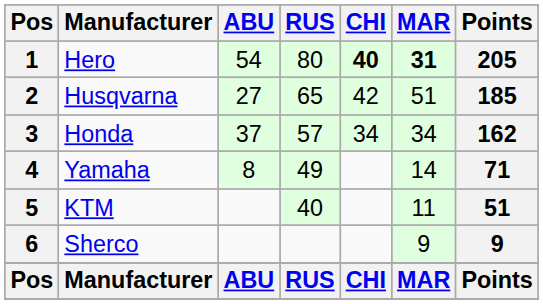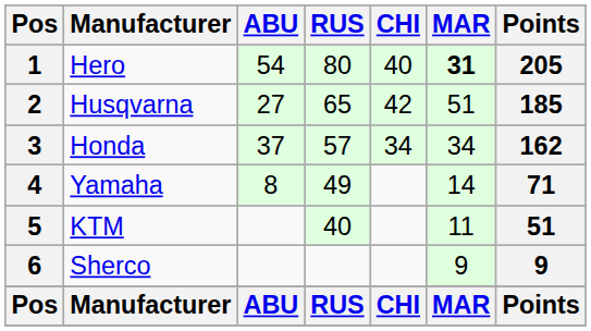 <table class="wikitable" style="font-size: 85%; text-align: center; display: inline-table;">
 <tr valign="top">
 <th valign="middle">Pos</th>
 <th valign="middle">Manufacturer</th>
 <th><a href='#'>ABU</a><br></th>
 <th><a href='#'>RUS</a><br></th>
 <th><a href='#'>CHI</a><br></th>
 <th><a href='#'>MAR</a><br></th>
 <th valign="middle">Points</th>
 </tr>
 <tr>
 <th>1</th>
 <td align=left> <a href='#'>Hero</a></td>
 <td style="background:#dfffdf;">54</td>
 <td style="background:#dfffdf;">80</td>
-<td style="background:#dfffdf;"><strong>40</strong></td>
+<td style="background:#dfffdf;">40</td>
 <td style="background:#dfffdf;"><strong>31</strong></td>
 <th>205</th>
 </tr>
 <tr>
 <th>2</th>
 <td align=left> <a href='#'>Husqvarna</a></td>
 <td style="background:#dfffdf;">27</td>
 <td style="background:#dfffdf;">65</td>
 <td style="background:#dfffdf;">42</td>
 <td style="background:#dfffdf;">51</td>
 <th>185</th>
 </tr>
 <tr>
 <th>3</th>
 <td align=left> <a href='#'>Honda</a></td>
 <td style="background:#dfffdf;">37</td>
 <td style="background:#dfffdf;">57</td>
 <td style="background:#dfffdf;">34</td>
 <td style="background:#dfffdf;">34</td>
 <th>162</th>
 </tr>
 <tr>
 <th>4</th>
 <td align=left> <a href='#'>Yamaha</a></td>
 <td style="background:#dfffdf;">8</td>
 <td style="background:#dfffdf;">49</td>
 <td></td>
 <td style="background:#dfffdf;">14</td>
 <th>71</th>
 </tr>
 <tr>
 <th>5</th>
 <td align=left> <a href='#'>KTM</a></td>
 <td></td>
 <td style="background:#dfffdf;">40</td>
 <td></td>
 <td style="background:#dfffdf;">11</td>
 <th>51</th>
 </tr>
 <tr>
 <th>6</th>
 <td align=left> <a href='#'>Sherco</a></td>
 <td></td>
 <td></td>
 <td></td>
 <td style="background:#dfffdf;">9</td>
 <th>9</th>
 </tr>
 <tr>
 </tr>
 <tr valign="top">
 <th valign="middle">Pos</th>
 <th valign="middle">Manufacturer</th>
 <th><a href='#'>ABU</a><br></th>
 <th><a href='#'>RUS</a><br></th>
 <th><a href='#'>CHI</a><br></th>
 <th><a href='#'>MAR</a><br></th>
 <th valign="middle">Points</th>
 </tr>
 <tr>
 </tr>
 </table>
